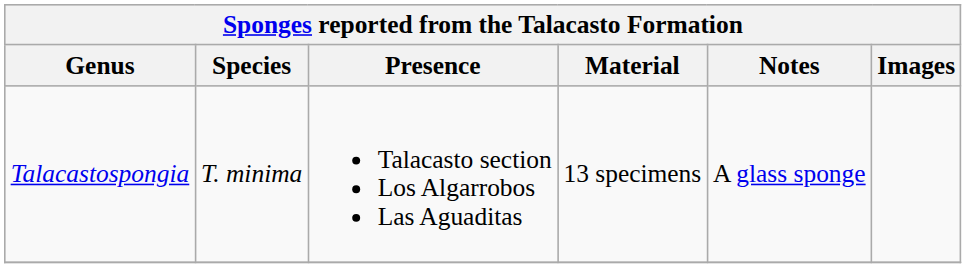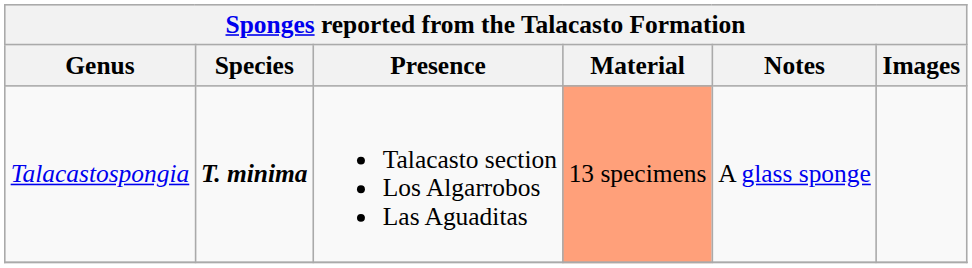 <table class="wikitable" align="center">
 <tr>
 <th colspan="6" align="center"><strong><a href='#'>Sponges</a> reported from the Talacasto Formation</strong></th>
 </tr>
 <tr>
 <th>Genus</th>
 <th>Species</th>
 <th>Presence</th>
 <th><strong>Material</strong></th>
 <th>Notes</th>
 <th>Images</th>
 </tr>
 <tr>
 <td><em><a href='#'>Talacastospongia</a></em></td>
-<td><em>T. minima</em></td>
+<td><strong><em>T. minima</em></strong></td>
 <td><br><ul><li>Talacasto section</li><li>Los Algarrobos</li><li>Las Aguaditas</li></ul></td>
-<td>13 specimens</td>
+<td style="background: lightsalmon;">13 specimens</td>
 <td>A <a href='#'>glass sponge</a></td>
 <td></td>
 </tr>
 <tr>
 </tr>
 </table>
